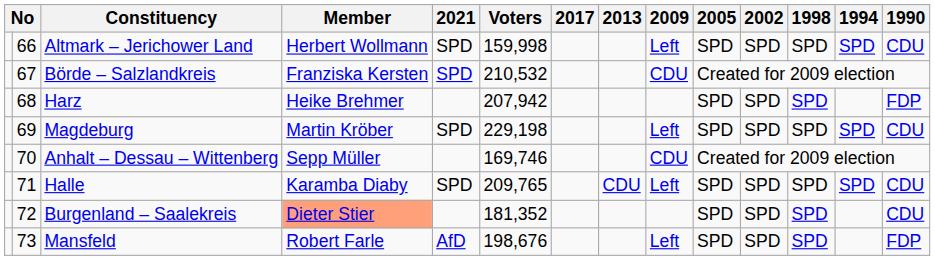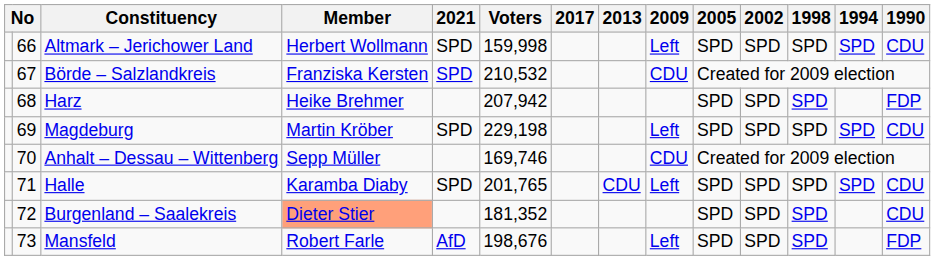 <table class="wikitable sortable">
 <tr>
 <th colspan=2>No</th>
 <th>Constituency</th>
 <th>Member</th>
 <th>2021</th>
 <th>Voters</th>
 <th>2017</th>
 <th>2013</th>
 <th>2009</th>
 <th>2005</th>
 <th>2002</th>
 <th>1998</th>
 <th>1994</th>
 <th>1990</th>
 </tr>
 <tr>
 <td style="background-color: "></td>
 <td>66</td>
 <td><a href='#'>Altmark – Jerichower Land</a></td>
 <td><a href='#'>Herbert Wollmann</a></td>
 <td bgcolor=>SPD</td>
 <td>159,998</td>
 <td></td>
 <td></td>
 <td><a href='#'>Left</a></td>
 <td bgcolor=>SPD</td>
 <td bgcolor=>SPD</td>
 <td bgcolor=>SPD</td>
 <td><a href='#'>SPD</a></td>
 <td><a href='#'>CDU</a></td>
 </tr>
 <tr>
 <td style="background-color: "></td>
 <td>67</td>
 <td><a href='#'>Börde – Salzlandkreis</a></td>
 <td><a href='#'>Franziska Kersten</a></td>
 <td><a href='#'>SPD</a></td>
 <td>210,532</td>
 <td></td>
 <td></td>
 <td><a href='#'>CDU</a></td>
 <td colspan=5>Created for 2009 election</td>
 </tr>
 <tr>
 <td style="background-color: "></td>
 <td>68</td>
 <td><a href='#'>Harz</a></td>
 <td><a href='#'>Heike Brehmer</a></td>
 <td></td>
 <td>207,942</td>
 <td></td>
 <td></td>
 <td></td>
 <td bgcolor=>SPD</td>
 <td bgcolor=>SPD</td>
 <td><a href='#'>SPD</a></td>
 <td></td>
 <td><a href='#'>FDP</a></td>
 </tr>
 <tr>
 <td style="background-color: "></td>
 <td>69</td>
 <td><a href='#'>Magdeburg</a></td>
 <td><a href='#'>Martin Kröber</a></td>
 <td bgcolor=>SPD</td>
 <td>229,198</td>
 <td></td>
 <td></td>
 <td><a href='#'>Left</a></td>
 <td bgcolor=>SPD</td>
 <td bgcolor=>SPD</td>
 <td bgcolor=>SPD</td>
 <td><a href='#'>SPD</a></td>
 <td><a href='#'>CDU</a></td>
 </tr>
 <tr>
 <td style="background-color: "></td>
 <td>70</td>
 <td><a href='#'>Anhalt – Dessau – Wittenberg</a></td>
 <td><a href='#'>Sepp Müller</a></td>
 <td></td>
 <td>169,746</td>
 <td></td>
 <td></td>
 <td><a href='#'>CDU</a></td>
 <td colspan=5>Created for 2009 election</td>
 </tr>
 <tr>
 <td style="background-color: "></td>
 <td>71</td>
 <td><a href='#'>Halle</a></td>
 <td><a href='#'>Karamba Diaby</a></td>
 <td bgcolor=>SPD</td>
-<td>209,765</td>
+<td>201,765</td>
 <td></td>
 <td><a href='#'>CDU</a></td>
 <td><a href='#'>Left</a></td>
 <td bgcolor=>SPD</td>
 <td bgcolor=>SPD</td>
 <td bgcolor=>SPD</td>
 <td><a href='#'>SPD</a></td>
 <td><a href='#'>CDU</a></td>
 </tr>
 <tr>
 <td style="background-color: "></td>
 <td>72</td>
 <td><a href='#'>Burgenland – Saalekreis</a></td>
 <td style="background: lightsalmon;"><a href='#'>Dieter Stier</a></td>
 <td></td>
 <td>181,352</td>
 <td></td>
 <td></td>
 <td></td>
 <td bgcolor=>SPD</td>
 <td bgcolor=>SPD</td>
 <td><a href='#'>SPD</a></td>
 <td></td>
 <td><a href='#'>CDU</a></td>
 </tr>
 <tr>
 <td style="background-color: "></td>
 <td>73</td>
 <td><a href='#'>Mansfeld</a></td>
 <td><a href='#'>Robert Farle</a></td>
 <td><a href='#'>AfD</a></td>
 <td>198,676</td>
 <td></td>
 <td></td>
 <td><a href='#'>Left</a></td>
 <td bgcolor=>SPD</td>
 <td bgcolor=>SPD</td>
 <td><a href='#'>SPD</a></td>
 <td></td>
 <td><a href='#'>FDP</a></td>
 </tr>
 </table>
